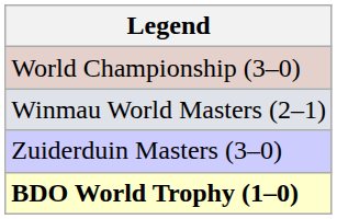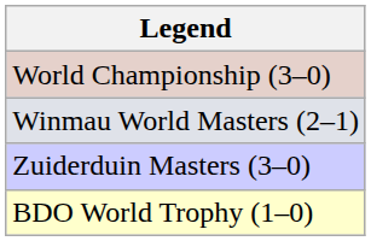 <table class="wikitable">
 <tr>
 <th>Legend</th>
 </tr>
 <tr style="background:#e5d1cb;">
 <td>World Championship (3–0)</td>
 </tr>
 <tr style="background:#dfe2e9;">
 <td>Winmau World Masters (2–1)</td>
 </tr>
 <tr style="background:#ccf;">
 <td>Zuiderduin Masters (3–0)</td>
 </tr>
 <tr style="background:#ffc;">
-<td><strong>BDO World Trophy (1–0)</strong></td>
+<td>BDO World Trophy (1–0)</td>
 </tr>
 </table>
